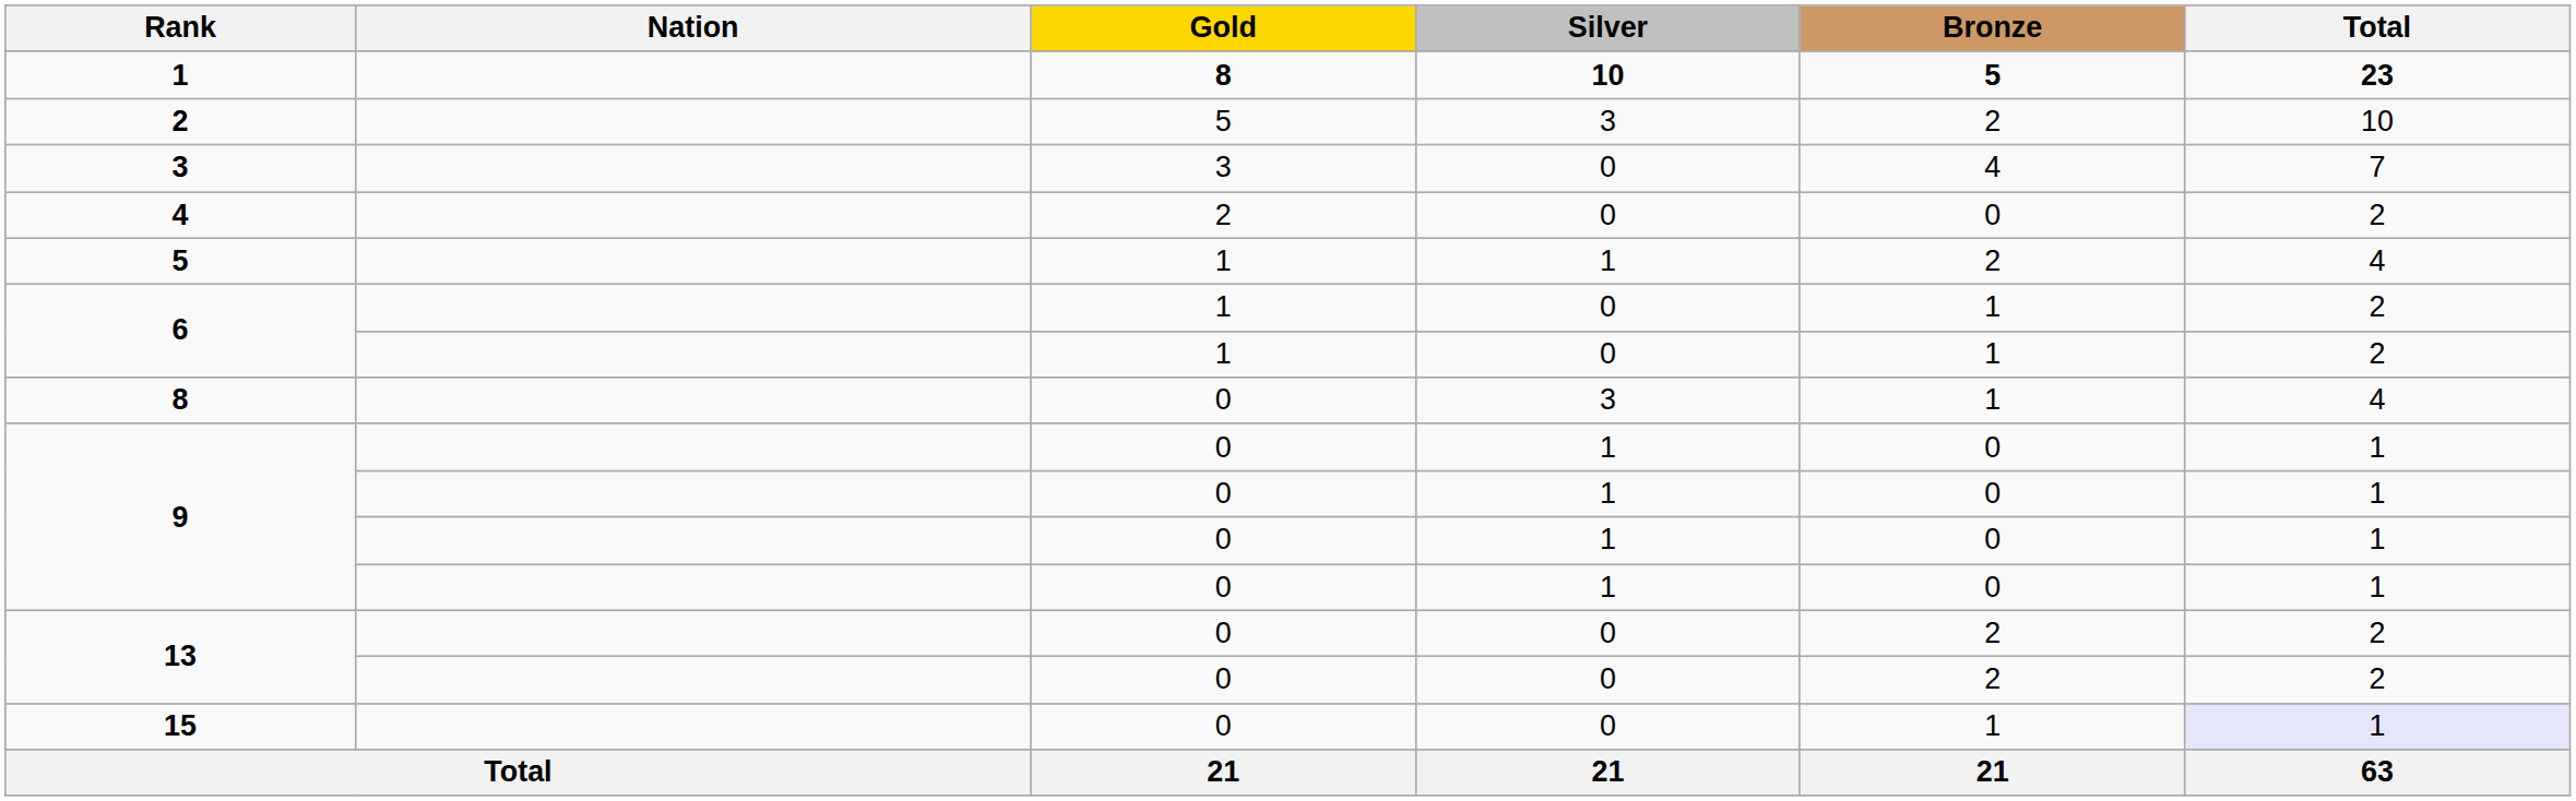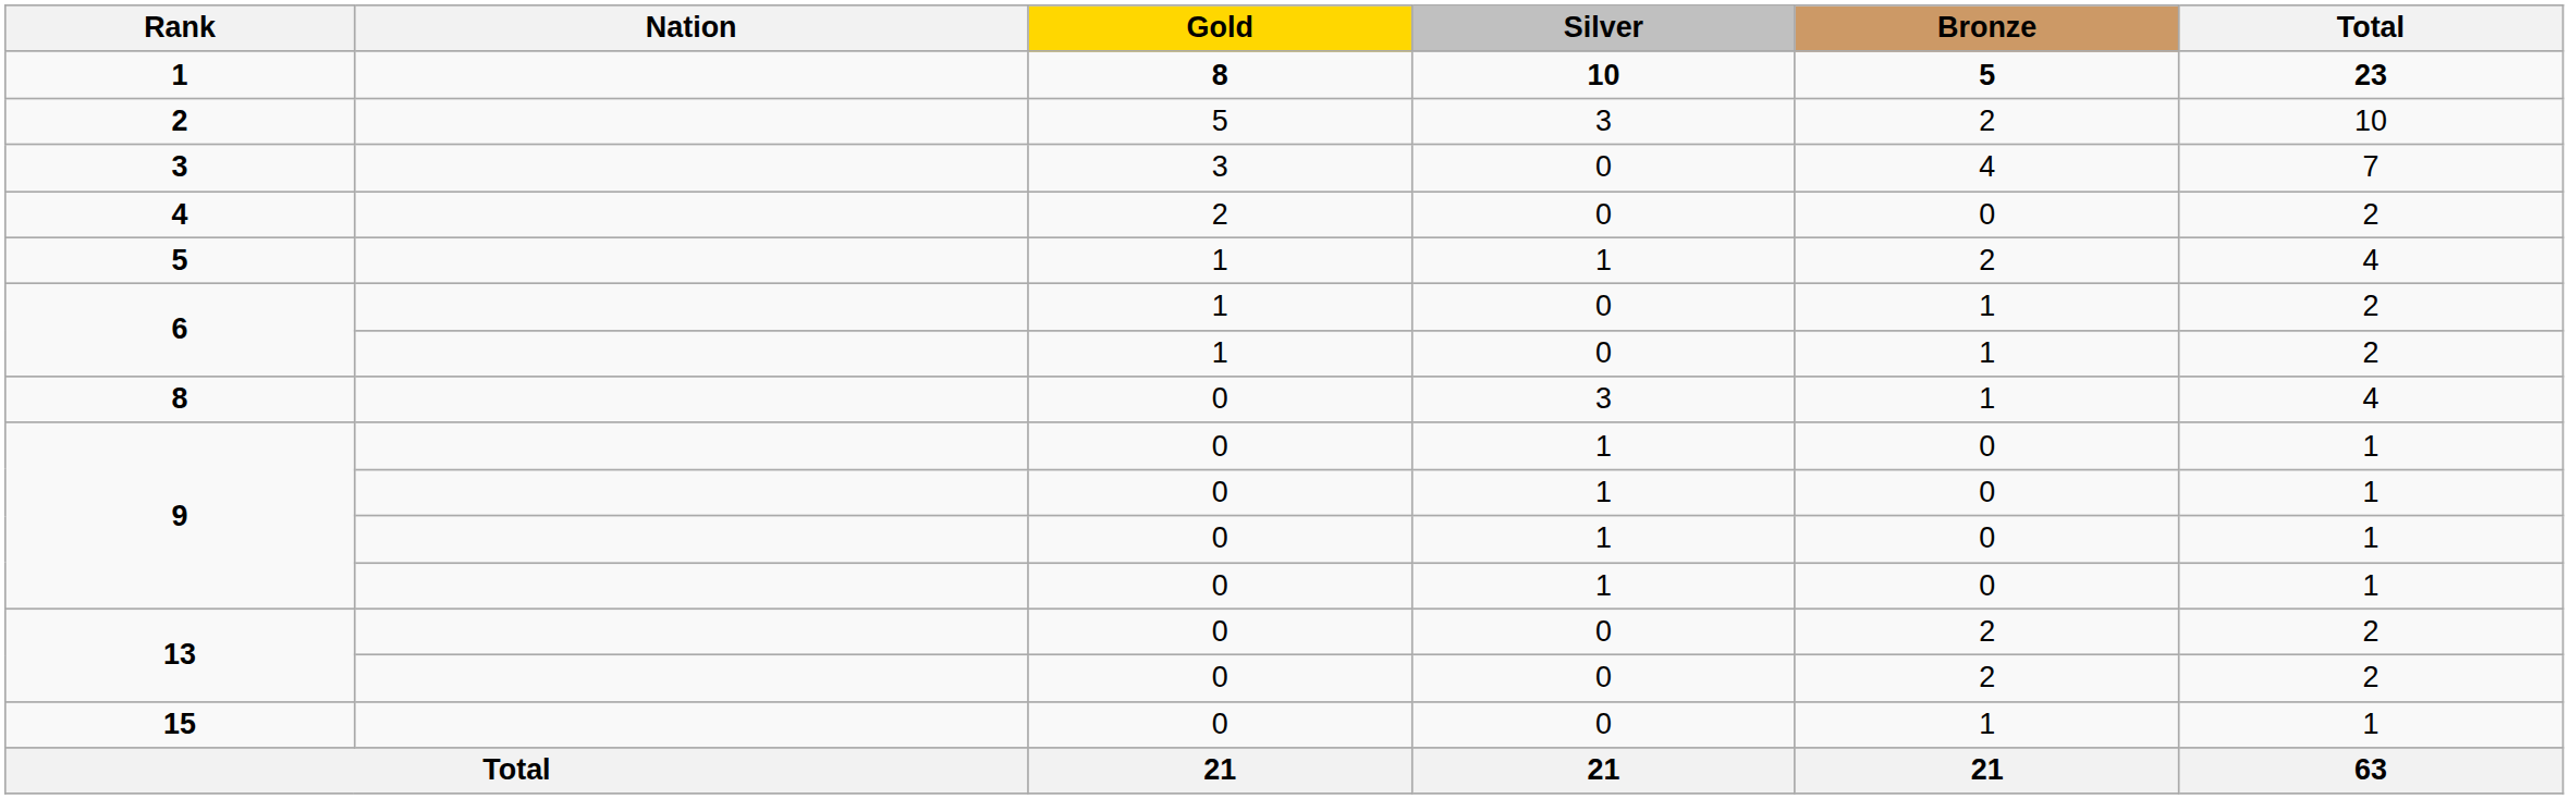 <table class="wikitable collapsible autocollapse plainrowheaders" width=70.5% style="text-align:center;">
 <tr style="background-color:#EDEDED;">
 <th width=100px class="hintergrundfarbe5">Rank</th>
 <th width=200px class="hintergrundfarbe6">Nation</th>
 <th style="background:    gold; width:15%">Gold</th>
 <th style="background:  silver; width:15%">Silver</th>
 <th style="background: #CC9966; width:15%">Bronze</th>
 <th class="hintergrundfarbe6" style="width:15%">Total</th>
 </tr>
 <tr>
 <td><strong>1</strong></td>
 <td align=left></td>
 <td><strong>8</strong></td>
 <td><strong>10</strong></td>
 <td><strong>5</strong></td>
 <td><strong>23</strong></td>
 </tr>
 <tr>
 <td><strong>2</strong></td>
 <td align=left></td>
 <td>5</td>
 <td>3</td>
 <td>2</td>
 <td>10</td>
 </tr>
 <tr>
 <td><strong>3</strong></td>
 <td align=left></td>
 <td>3</td>
 <td>0</td>
 <td>4</td>
 <td>7</td>
 </tr>
 <tr>
 <td><strong>4</strong></td>
 <td align=left></td>
 <td>2</td>
 <td>0</td>
 <td>0</td>
 <td>2</td>
 </tr>
 <tr>
 <td><strong>5</strong></td>
 <td align=left></td>
 <td>1</td>
 <td>1</td>
 <td>2</td>
 <td>4</td>
 </tr>
 <tr>
 <td rowspan=2><strong>6</strong></td>
 <td align=left></td>
 <td>1</td>
 <td>0</td>
 <td>1</td>
 <td>2</td>
 </tr>
 <tr>
 <td align=left></td>
 <td>1</td>
 <td>0</td>
 <td>1</td>
 <td>2</td>
 </tr>
 <tr>
 <td><strong>8</strong></td>
 <td align=left><em></em></td>
 <td>0</td>
 <td>3</td>
 <td>1</td>
 <td>4</td>
 </tr>
 <tr>
 <td rowspan=4><strong>9</strong></td>
 <td align=left><em></em></td>
 <td>0</td>
 <td>1</td>
 <td>0</td>
 <td>1</td>
 </tr>
 <tr>
 <td align=left></td>
 <td>0</td>
 <td>1</td>
 <td>0</td>
 <td>1</td>
 </tr>
 <tr>
 <td align=left></td>
 <td>0</td>
 <td>1</td>
 <td>0</td>
 <td>1</td>
 </tr>
 <tr>
 <td align=left></td>
 <td>0</td>
 <td>1</td>
 <td>0</td>
 <td>1</td>
 </tr>
 <tr>
 <td rowspan=2><strong>13</strong></td>
 <td align=left></td>
 <td>0</td>
 <td>0</td>
 <td>2</td>
 <td>2</td>
 </tr>
 <tr>
 <td align=left></td>
 <td>0</td>
 <td>0</td>
 <td>2</td>
 <td>2</td>
 </tr>
 <tr>
 <td><strong>15</strong></td>
 <td align=left><em></em></td>
 <td>0</td>
 <td>0</td>
 <td>1</td>
-<td style="background: lavender;">1</td>
+<td>1</td>
 </tr>
 <tr>
 <th colspan=2>Total</th>
 <th>21</th>
 <th>21</th>
 <th>21</th>
 <th>63</th>
 </tr>
 </table>
